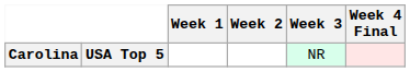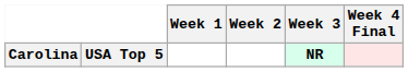 <table class="wikitable" style="white-space:nowrap;font-size:85%;">
 <tr>
 <th colspan=2 style="background:white; border-top-style:hidden; border-left-style:hidden;"> </th>
 <th>Week 1</th>
 <th>Week 2</th>
 <th>Week 3</th>
 <th>Week 4<br>Final</th>
 </tr>
 <tr style="text-align:center;">
 <th>Carolina</th>
 <th>USA Top 5</th>
 <td style="background:#FFF;"></td>
 <td style="background:#FFF;"></td>
-<td style="background:#d8ffeb;">NR</td>
+<td style="background:#d8ffeb;"><strong>NR</strong></td>
 <td style="background:#ffe6e6;"></td>
 </tr>
 </table>
